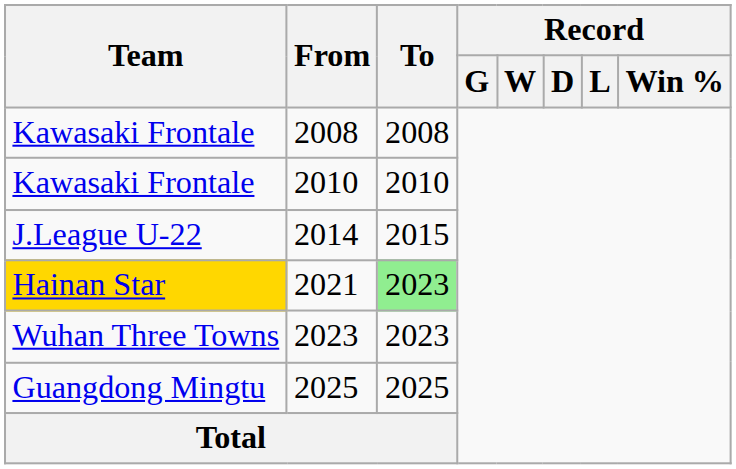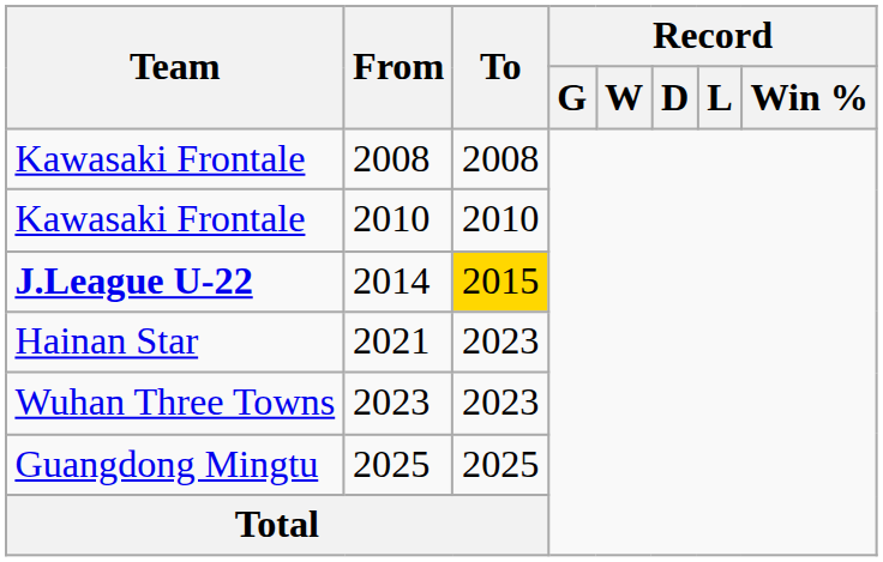 <table class="wikitable" style="text-align: center">
 <tr>
 <th rowspan="2">Team</th>
 <th rowspan="2">From</th>
 <th rowspan="2">To</th>
 <th colspan="5">Record</th>
 </tr>
 <tr>
 <th>G</th>
 <th>W</th>
 <th>D</th>
 <th>L</th>
 <th>Win %</th>
 </tr>
 <tr>
 <td align="left"><a href='#'>Kawasaki Frontale</a></td>
 <td align="left">2008</td>
 <td align="left">2008<br></td>
 </tr>
 <tr>
 <td align="left"><a href='#'>Kawasaki Frontale</a></td>
 <td align="left">2010</td>
 <td align="left">2010<br></td>
 </tr>
 <tr>
-<td align="left"><a href='#'>J.League U-22</a></td>
+<td align="left"><strong><a href='#'>J.League U-22</a></strong></td>
 <td align="left">2014</td>
-<td align="left">2015<br></td>
+<td align="left" style="background: gold;">2015<br></td>
 </tr>
 <tr>
-<td align="left" style="background: gold;"><a href='#'>Hainan Star</a></td>
+<td align="left"><a href='#'>Hainan Star</a></td>
 <td align="left">2021</td>
-<td align="left" style="background: lightgreen;">2023<br></td>
+<td align="left">2023<br></td>
 </tr>
 <tr>
 <td align="left"><a href='#'>Wuhan Three Towns</a></td>
 <td align="left">2023</td>
 <td align="left">2023<br></td>
 </tr>
 <tr>
 <td align="left"><a href='#'>Guangdong Mingtu</a></td>
 <td align="left">2025</td>
 <td align="left">2025<br></td>
 </tr>
 <tr>
 <th colspan="3">Total<br></th>
 </tr>
 </table>
